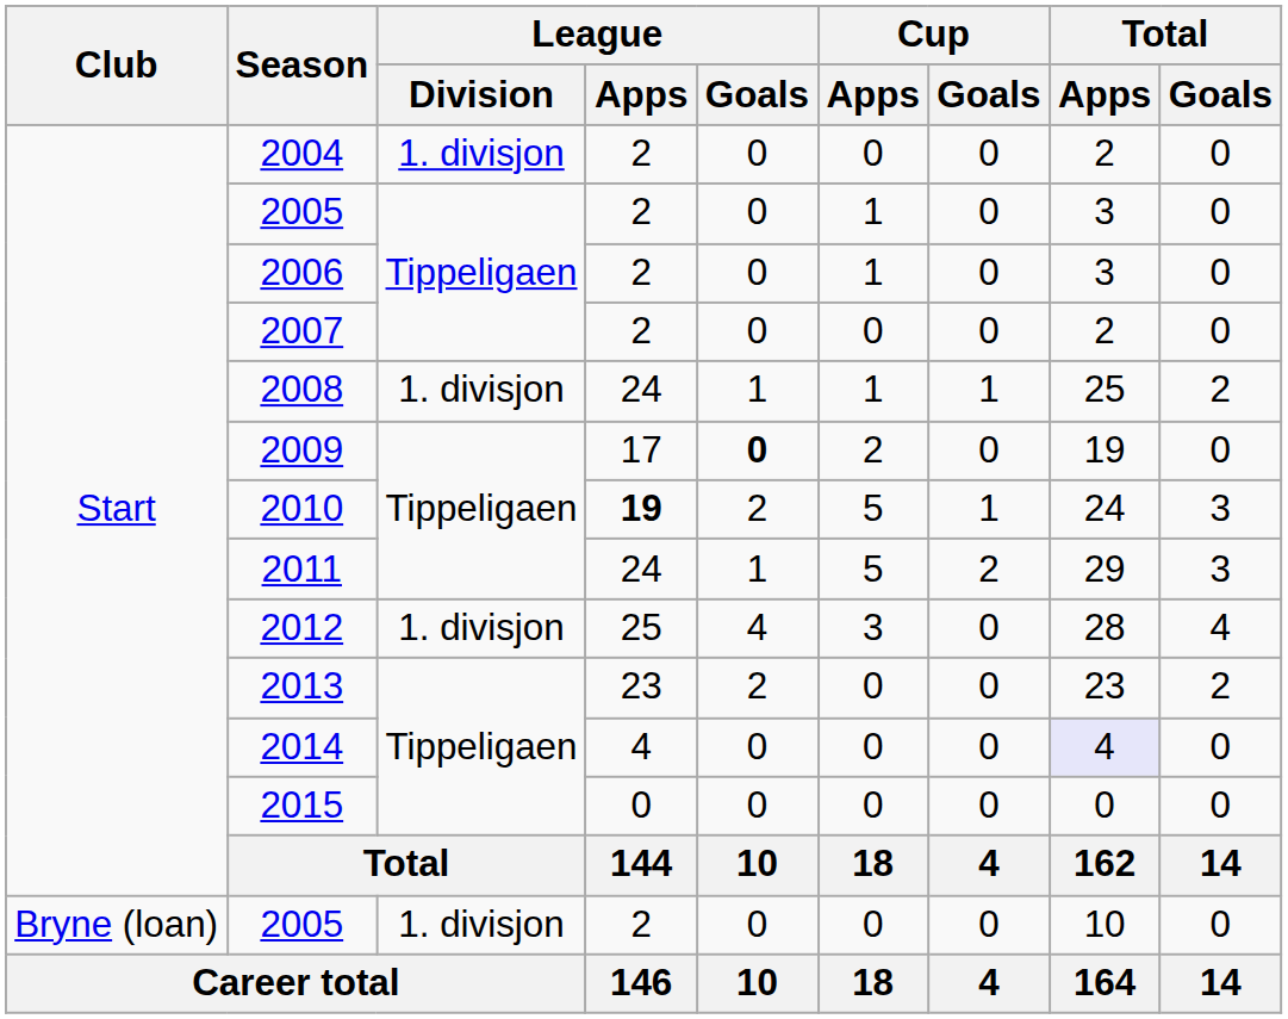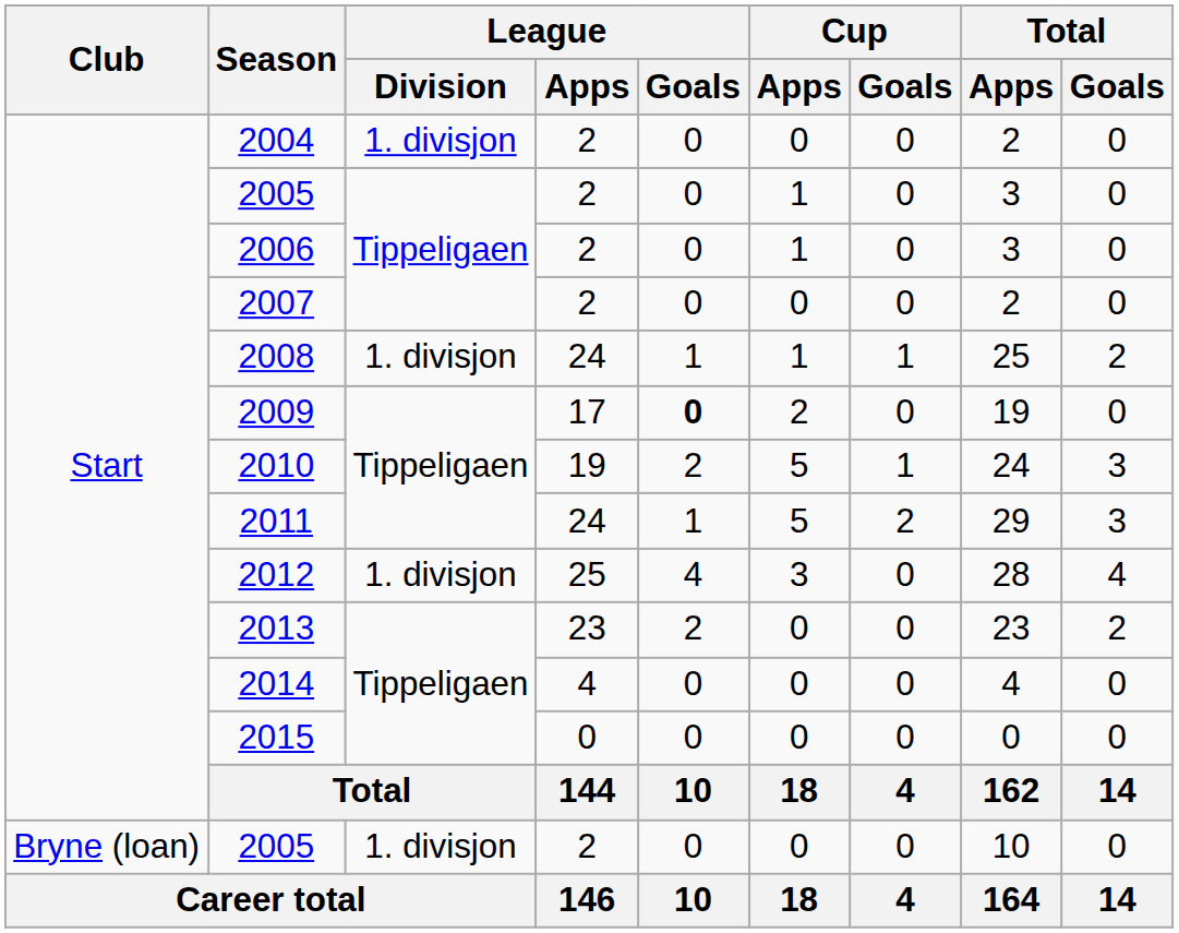 <table class="wikitable" style="text-align:center">
 <tr>
 <th rowspan="2">Club</th>
 <th rowspan="2">Season</th>
 <th colspan="3">League</th>
 <th colspan="2">Cup</th>
 <th colspan="2">Total</th>
 </tr>
 <tr>
 <th>Division</th>
 <th>Apps</th>
 <th>Goals</th>
 <th>Apps</th>
 <th>Goals</th>
 <th>Apps</th>
 <th>Goals</th>
 </tr>
 <tr>
 <td rowspan="13"><a href='#'>Start</a></td>
 <td><a href='#'>2004</a></td>
 <td><a href='#'>1. divisjon</a></td>
 <td>2</td>
 <td>0</td>
 <td>0</td>
 <td>0</td>
 <td>2</td>
 <td>0</td>
 </tr>
 <tr>
 <td><a href='#'>2005</a></td>
 <td rowspan="3"><a href='#'>Tippeligaen</a></td>
 <td>2</td>
 <td>0</td>
 <td>1</td>
 <td>0</td>
 <td>3</td>
 <td>0</td>
 </tr>
 <tr>
 <td><a href='#'>2006</a></td>
 <td>2</td>
 <td>0</td>
 <td>1</td>
 <td>0</td>
 <td>3</td>
 <td>0</td>
 </tr>
 <tr>
 <td><a href='#'>2007</a></td>
 <td>2</td>
 <td>0</td>
 <td>0</td>
 <td>0</td>
 <td>2</td>
 <td>0</td>
 </tr>
 <tr>
 <td><a href='#'>2008</a></td>
 <td>1. divisjon</td>
 <td>24</td>
 <td>1</td>
 <td>1</td>
 <td>1</td>
 <td>25</td>
 <td>2</td>
 </tr>
 <tr>
 <td><a href='#'>2009</a></td>
 <td rowspan="3">Tippeligaen</td>
 <td>17</td>
 <td><strong>0</strong></td>
 <td>2</td>
 <td>0</td>
 <td>19</td>
 <td>0</td>
 </tr>
 <tr>
 <td><a href='#'>2010</a></td>
-<td><strong>19</strong></td>
+<td>19</td>
 <td>2</td>
 <td>5</td>
 <td>1</td>
 <td>24</td>
 <td>3</td>
 </tr>
 <tr>
 <td><a href='#'>2011</a></td>
 <td>24</td>
 <td>1</td>
 <td>5</td>
 <td>2</td>
 <td>29</td>
 <td>3</td>
 </tr>
 <tr>
 <td><a href='#'>2012</a></td>
 <td>1. divisjon</td>
 <td>25</td>
 <td>4</td>
 <td>3</td>
 <td>0</td>
 <td>28</td>
 <td>4</td>
 </tr>
 <tr>
 <td><a href='#'>2013</a></td>
 <td rowspan="3">Tippeligaen</td>
 <td>23</td>
 <td>2</td>
 <td>0</td>
 <td>0</td>
 <td>23</td>
 <td>2</td>
 </tr>
 <tr>
 <td><a href='#'>2014</a></td>
 <td>4</td>
 <td>0</td>
 <td>0</td>
 <td>0</td>
-<td style="background: lavender;">4</td>
+<td>4</td>
 <td>0</td>
 </tr>
 <tr>
 <td><a href='#'>2015</a></td>
 <td>0</td>
 <td>0</td>
 <td>0</td>
 <td>0</td>
 <td>0</td>
 <td>0</td>
 </tr>
 <tr>
 <th colspan="2">Total</th>
 <th>144</th>
 <th>10</th>
 <th>18</th>
 <th>4</th>
 <th>162</th>
 <th>14</th>
 </tr>
 <tr>
 <td><a href='#'>Bryne</a> (loan)</td>
 <td><a href='#'>2005</a></td>
 <td>1. divisjon</td>
 <td>2</td>
 <td>0</td>
 <td>0</td>
 <td>0</td>
 <td>10</td>
 <td>0</td>
 </tr>
 <tr>
 <th colspan="3">Career total</th>
 <th>146</th>
 <th>10</th>
 <th>18</th>
 <th>4</th>
 <th>164</th>
 <th>14</th>
 </tr>
 </table>
